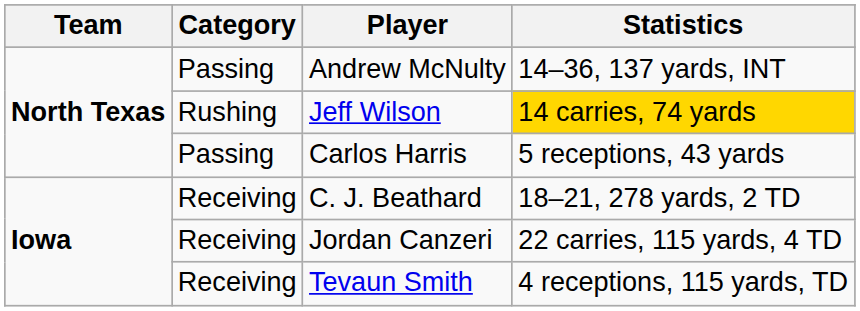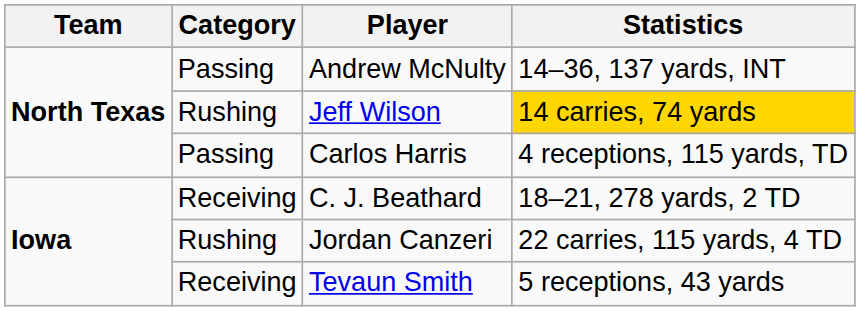 <table class="wikitable" style="float: left;">
 <tr>
 <th>Team</th>
 <th>Category</th>
 <th>Player</th>
 <th>Statistics</th>
 </tr>
 <tr>
 <td rowspan=3><strong>North Texas</strong></td>
 <td>Passing</td>
 <td>Andrew McNulty</td>
 <td>14–36, 137 yards, INT</td>
 </tr>
 <tr>
 <td>Rushing</td>
 <td><a href='#'>Jeff Wilson</a></td>
 <td style="background: gold;">14 carries, 74 yards</td>
 </tr>
 <tr>
 <td>Passing</td>
 <td>Carlos Harris</td>
-<td>5 receptions, 43 yards</td>
+<td>4 receptions, 115 yards, TD</td>
 </tr>
 <tr>
 <td rowspan=3><strong>Iowa</strong></td>
 <td>Receiving</td>
 <td>C. J. Beathard</td>
 <td>18–21, 278 yards, 2 TD</td>
 </tr>
 <tr>
-<td>Receiving</td>
+<td>Rushing</td>
 <td>Jordan Canzeri</td>
 <td>22 carries, 115 yards, 4 TD</td>
 </tr>
 <tr>
 <td>Receiving</td>
 <td><a href='#'>Tevaun Smith</a></td>
-<td>4 receptions, 115 yards, TD</td>
+<td>5 receptions, 43 yards</td>
 </tr>
 </table>
